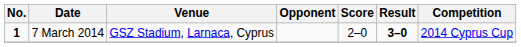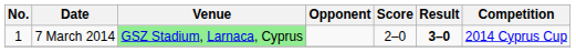 <table class="wikitable">
 <tr>
 <th scope="col">No.</th>
 <th scope="col">Date</th>
 <th scope="col">Venue</th>
 <th scope="col">Opponent</th>
 <th scope="col">Score</th>
 <th scope="col">Result</th>
 <th scope="col">Competition</th>
 </tr>
 <tr>
-<td align="center"><strong>1</strong></td>
+<td align="center">1</td>
 <td>7 March 2014</td>
-<td><a href='#'>GSZ Stadium</a>, <a href='#'>Larnaca</a>, Cyprus</td>
+<td style="background: lightgreen;"><a href='#'>GSZ Stadium</a>, <a href='#'>Larnaca</a>, Cyprus</td>
 <td></td>
 <td align="center">2–0</td>
 <td align="center"><strong>3–0</strong></td>
 <td><a href='#'>2014 Cyprus Cup</a></td>
 </tr>
 <tr>
 </tr>
 </table>
